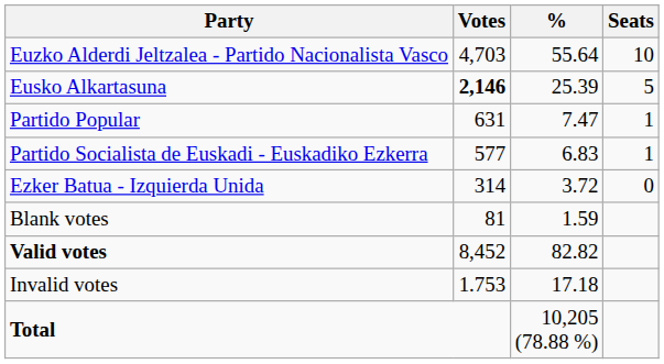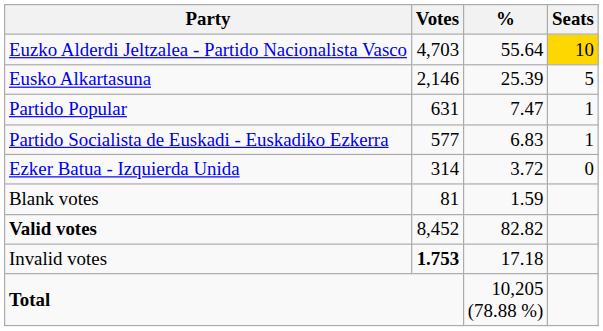 <table class="wikitable" border="1">
 <tr style="background-color:#E9E9E9">
 <th>Party</th>
 <th>Votes</th>
 <th>%</th>
 <th>Seats</th>
 </tr>
 <tr>
 <td><a href='#'>Euzko Alderdi Jeltzalea - Partido Nacionalista Vasco</a></td>
 <td align="right">4,703</td>
 <td align="right">55.64</td>
-<td align="right">10</td>
+<td align="right" style="background: gold;">10</td>
 </tr>
 <tr>
 <td><a href='#'>Eusko Alkartasuna</a></td>
-<td align="right"><strong>2,146</strong></td>
+<td align="right">2,146</td>
 <td align="right">25.39</td>
 <td align="right">5</td>
 </tr>
 <tr>
 <td><a href='#'>Partido Popular</a></td>
 <td align="right">631</td>
 <td align="right">7.47</td>
 <td align="right">1</td>
 </tr>
 <tr>
 <td><a href='#'>Partido Socialista de Euskadi - Euskadiko Ezkerra</a></td>
 <td align="right">577</td>
 <td align="right">6.83</td>
 <td align="right">1</td>
 </tr>
 <tr>
 <td><a href='#'>Ezker Batua - Izquierda Unida</a></td>
 <td align="right">314</td>
 <td align="right">3.72</td>
 <td align="right">0</td>
 </tr>
 <tr>
 <td>Blank votes</td>
 <td align="right">81</td>
 <td align="right">1.59</td>
 <td> </td>
 </tr>
 <tr>
 <td><strong>Valid votes</strong></td>
 <td align="right">8,452</td>
 <td align="right">82.82</td>
 <td> </td>
 </tr>
 <tr>
 <td>Invalid votes</td>
-<td align="right">1.753</td>
+<td align="right"><strong>1.753</strong></td>
 <td align="right">17.18</td>
 <td> </td>
 </tr>
 <tr>
 <td colspan="2"><strong>Total</strong></td>
 <td align="right">10,205<br>(78.88 %)</td>
 <td></td>
 </tr>
 </table>
